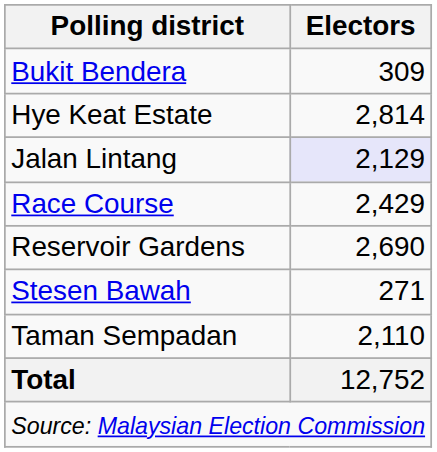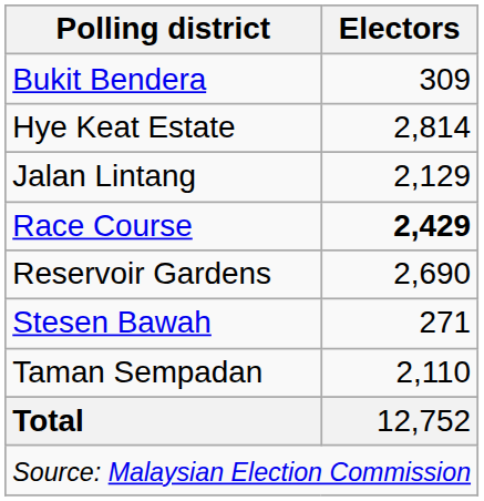 <table class="wikitable sortable">
 <tr>
 <th>Polling district</th>
 <th>Electors</th>
 </tr>
 <tr>
 <td><a href='#'>Bukit Bendera</a></td>
 <td align="right">309</td>
 </tr>
 <tr>
 <td>Hye Keat Estate</td>
 <td align="right">2,814</td>
 </tr>
 <tr>
 <td>Jalan Lintang</td>
-<td align="right" style="background: lavender;">2,129</td>
+<td align="right">2,129</td>
 </tr>
 <tr>
 <td><a href='#'>Race Course</a></td>
-<td align="right">2,429</td>
+<td align="right"><strong>2,429</strong></td>
 </tr>
 <tr>
 <td>Reservoir Gardens</td>
 <td align="right">2,690</td>
 </tr>
 <tr>
 <td><a href='#'>Stesen Bawah</a></td>
 <td align="right">271</td>
 </tr>
 <tr>
 <td>Taman Sempadan</td>
 <td align="right">2,110</td>
 </tr>
 <tr>
 <td style="background: #f2f2f2"><strong>Total</strong></td>
 <td style="background: #f2f2f2" align="right">12,752</td>
 </tr>
 <tr>
 <td colspan="2"  align="right"><small><em>Source: <a href='#'>Malaysian Election Commission</a></em></small></td>
 </tr>
 </table>
